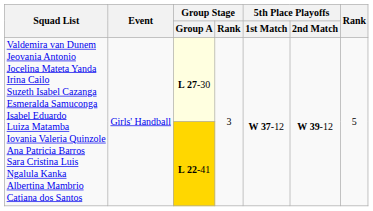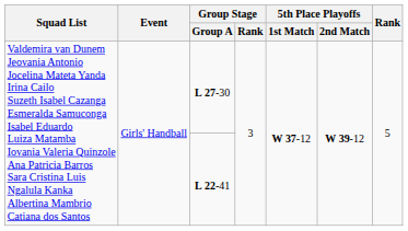 <table class=wikitable style="font-size:90%">
 <tr>
 <th rowspan=2>Squad List</th>
 <th rowspan=2>Event</th>
 <th colspan=2>Group Stage</th>
 <th colspan=2>5th Place Playoffs</th>
 <th rowspan=2>Rank</th>
 </tr>
 <tr>
 <th>Group A</th>
 <th>Rank</th>
 <th>1st Match</th>
 <th>2nd Match</th>
 </tr>
 <tr>
 <td rowspan=2><a href='#'>Valdemira van Dunem</a><br><a href='#'>Jeovania Antonio</a><br><a href='#'>Jocelina Mateta Yanda</a><br><a href='#'>Irina Cailo</a><br><a href='#'>Suzeth Isabel Cazanga</a><br><a href='#'>Esmeralda Samuconga</a><br><a href='#'>Isabel Eduardo</a><br><a href='#'>Luiza Matamba</a><br><a href='#'>Iovania Valeria Quinzole</a><br><a href='#'>Ana Patricia Barros</a><br><a href='#'>Sara Cristina Luis</a><br><a href='#'>Ngalula Kanka</a><br><a href='#'>Albertina Mambrio</a><br><a href='#'>Catiana dos Santos</a></td>
 <td rowspan=2><a href='#'>Girls' Handball</a></td>
-<td align=center style="background: lightyellow;"><br> <strong>L</strong> <strong>27</strong>-30</td>
+<td align=center><br> <strong>L</strong> <strong>27</strong>-30</td>
 <td rowspan=2 align=center>3</td>
 <td rowspan=2 align=center><br> <strong>W</strong> <strong>37</strong>-12</td>
 <td rowspan=2 align=center><br> <strong>W</strong> <strong>39</strong>-12</td>
 <td rowspan=2 align=center>5</td>
 </tr>
 <tr>
-<td align=center style="background: gold;"><br> <strong>L</strong> <strong>22</strong>-41</td>
+<td align=center><br> <strong>L</strong> <strong>22</strong>-41</td>
 </tr>
 </table>
